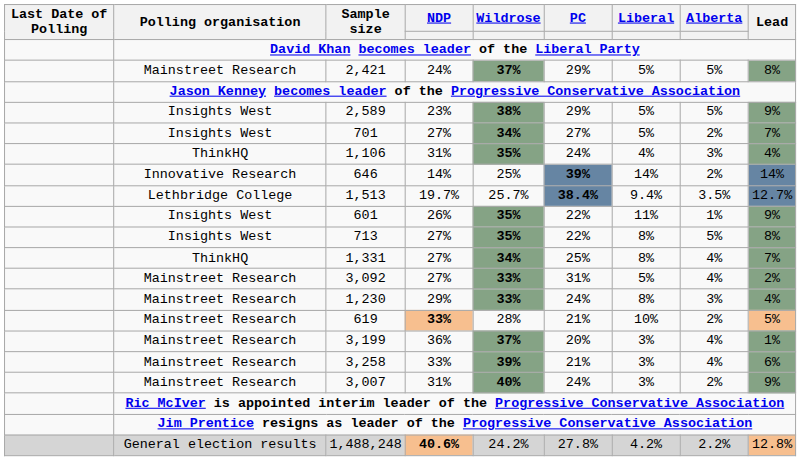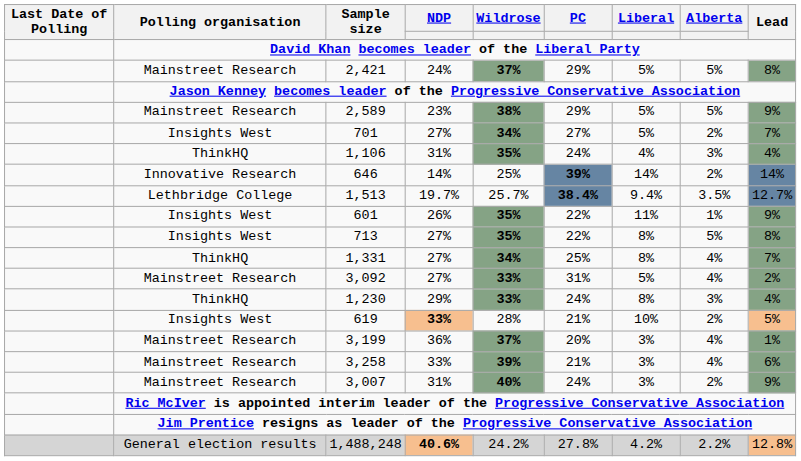 <table class="wikitable collapsible sortable" style="text-align:center;line-height:14px">
 <tr>
 <th style="width:100px;" rowspan="2">Last Date of Polling</th>
 <th style="width:200px;" rowspan="2">Polling organisation</th>
 <th style="width:65px;" rowspan="2">Sample size</th>
 <th style="width:60px;" class="unsortable"><a href='#'>NDP</a></th>
 <th style="width:60px;" class="unsortable"><a href='#'>Wildrose</a></th>
 <th style="width:60px;" class="unsortable"><a href='#'>PC</a></th>
 <th style="width:60px;" class="unsortable"><a href='#'>Liberal</a></th>
 <th style="width:60px;" class="unsortable"><a href='#'>Alberta</a></th>
 <th style="width:40px;" rowspan="2">Lead</th>
 </tr>
 <tr>
 <th class="unsortable" style="background:"></th>
 <th class="unsortable" style="background:"></th>
 <th class="unsortable" style="background:"></th>
 <th class="unsortable" style="background:"></th>
 <th class="unsortable" style="background:"></th>
 </tr>
 <tr>
 <td></td>
 <td colspan="9"><strong><a href='#'>David Khan</a> <a href='#'>becomes leader</a> of the <a href='#'>Liberal Party</a></strong></td>
 </tr>
 <tr>
 <td></td>
 <td>Mainstreet Research</td>
 <td>2,421</td>
 <td>24%</td>
 <td style="background:#85a385"><strong>37%</strong></td>
 <td>29%</td>
 <td>5%</td>
 <td>5%</td>
 <td style="background:#85a385">8%</td>
 </tr>
 <tr>
 <td></td>
 <td colspan="9"><strong><a href='#'>Jason Kenney</a> <a href='#'>becomes leader</a> of the <a href='#'>Progressive Conservative Association</a></strong></td>
 </tr>
 <tr>
 <td></td>
-<td>Insights West</td>
+<td>Mainstreet Research</td>
 <td>2,589</td>
 <td>23%</td>
 <td style="background:#85a385"><strong>38%</strong></td>
 <td>29%</td>
 <td>5%</td>
 <td>5%</td>
 <td style="background:#85a385">9%</td>
 </tr>
 <tr>
 <td></td>
 <td>Insights West</td>
 <td>701</td>
 <td>27%</td>
 <td style="background:#85a385"><strong>34%</strong></td>
 <td>27%</td>
 <td>5%</td>
 <td>2%</td>
 <td style="background:#85a385">7%</td>
 </tr>
 <tr>
 <td></td>
 <td>ThinkHQ</td>
 <td>1,106</td>
 <td>31%</td>
 <td style="background:#85a385"><strong>35%</strong></td>
 <td>24%</td>
 <td>4%</td>
 <td>3%</td>
 <td style="background:#85a385">4%</td>
 </tr>
 <tr>
 <td></td>
 <td>Innovative Research</td>
 <td>646</td>
 <td>14%</td>
 <td>25%</td>
 <td style="background:#6685a3"><strong>39%</strong></td>
 <td>14%</td>
 <td>2%</td>
 <td style="background:#6685a3">14%</td>
 </tr>
 <tr>
 <td></td>
 <td>Lethbridge College</td>
 <td>1,513</td>
 <td>19.7%</td>
 <td>25.7%</td>
 <td style="background:#6685a3"><strong>38.4%</strong></td>
 <td>9.4%</td>
 <td>3.5%</td>
 <td style="background:#6685a3">12.7%</td>
 </tr>
 <tr>
 <td></td>
 <td>Insights West</td>
 <td>601</td>
 <td>26%</td>
 <td style="background:#85a385"><strong>35%</strong></td>
 <td>22%</td>
 <td>11%</td>
 <td>1%</td>
 <td style="background:#85a385">9%</td>
 </tr>
 <tr>
 <td></td>
 <td>Insights West</td>
 <td>713</td>
 <td>27%</td>
 <td style="background:#85a385"><strong>35%</strong></td>
 <td>22%</td>
 <td>8%</td>
 <td>5%</td>
 <td style="background:#85a385">8%</td>
 </tr>
 <tr>
 <td></td>
 <td>ThinkHQ</td>
 <td>1,331</td>
 <td>27%</td>
 <td style="background:#85a385"><strong>34%</strong></td>
 <td>25%</td>
 <td>8%</td>
 <td>4%</td>
 <td style="background:#85a385">7%</td>
 </tr>
 <tr>
 <td></td>
 <td>Mainstreet Research</td>
 <td>3,092</td>
 <td>27%</td>
 <td style="background:#85a385"><strong>33%</strong></td>
 <td>31%</td>
 <td>5%</td>
 <td>4%</td>
 <td style="background:#85a385">2%</td>
 </tr>
 <tr>
 <td></td>
-<td>Mainstreet Research</td>
+<td>ThinkHQ</td>
 <td>1,230</td>
 <td>29%</td>
 <td style="background:#85a385"><strong>33%</strong></td>
 <td>24%</td>
 <td>8%</td>
 <td>3%</td>
 <td style="background:#85a385">4%</td>
 </tr>
 <tr>
 <td></td>
-<td>Mainstreet Research</td>
+<td>Insights West</td>
 <td>619</td>
 <td style="background:#f7bf8f"><strong>33%</strong></td>
 <td>28%</td>
 <td>21%</td>
 <td>10%</td>
 <td>2%</td>
 <td style="background:#f7bf8f">5%</td>
 </tr>
 <tr>
 <td></td>
 <td>Mainstreet Research</td>
 <td>3,199</td>
 <td>36%</td>
 <td style="background:#85a385"><strong>37%</strong></td>
 <td>20%</td>
 <td>3%</td>
 <td>4%</td>
 <td style="background:#85a385">1%</td>
 </tr>
 <tr>
 <td></td>
 <td>Mainstreet Research</td>
 <td>3,258</td>
 <td>33%</td>
 <td style="background:#85a385"><strong>39%</strong></td>
 <td>21%</td>
 <td>3%</td>
 <td>4%</td>
 <td style="background:#85a385">6%</td>
 </tr>
 <tr>
 <td></td>
 <td>Mainstreet Research</td>
 <td>3,007</td>
 <td>31%</td>
 <td style="background:#85a385"><strong>40%</strong></td>
 <td>24%</td>
 <td>3%</td>
 <td>2%</td>
 <td style="background:#85a385">9%</td>
 </tr>
 <tr>
 <td></td>
 <td colspan="9"><strong><a href='#'>Ric McIver</a> is appointed interim leader of the <a href='#'>Progressive Conservative Association</a></strong></td>
 </tr>
 <tr>
 <td></td>
 <td colspan="9"><strong><a href='#'>Jim Prentice</a> resigns as leader of the <a href='#'>Progressive Conservative Association</a></strong></td>
 </tr>
 <tr>
 <td style="background:#D5D5D5"></td>
 <td style="background:#D5D5D5">General election results</td>
 <td style="background:#D5D5D5">1,488,248</td>
 <td style="background:#f7bf8f"><strong>40.6%</strong></td>
 <td style="background:#D5D5D5">24.2%</td>
 <td style="background:#D5D5D5">27.8%</td>
 <td style="background:#D5D5D5">4.2%</td>
 <td style="background:#D5D5D5">2.2%</td>
 <td style="background:#f7bf8f">12.8%</td>
 </tr>
 </table>
